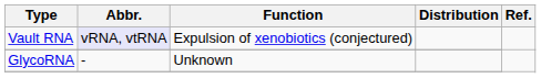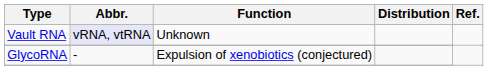 <table class="wikitable sortable">
 <tr>
 <th>Type</th>
 <th>Abbr.</th>
 <th>Function</th>
 <th>Distribution</th>
 <th>Ref.</th>
 </tr>
 <tr>
 <td><a href='#'>Vault RNA</a></td>
 <td style="background: lavender;">vRNA, vtRNA</td>
-<td>Expulsion of <a href='#'>xenobiotics</a> (conjectured)</td>
+<td>Unknown</td>
 <td></td>
 <td></td>
 </tr>
 <tr>
 </tr>
 <tr>
 <td><a href='#'>GlycoRNA</a></td>
 <td>-</td>
-<td>Unknown</td>
+<td>Expulsion of <a href='#'>xenobiotics</a> (conjectured)</td>
 <td></td>
 </tr>
 <tr>
 </tr>
 </table>
